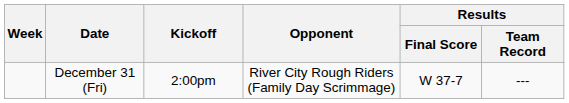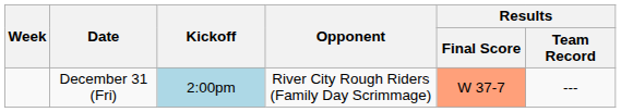 <table class="wikitable">
 <tr>
 <th rowspan="2" width="40">Week</th>
 <th rowspan="2" width="110">Date</th>
 <th rowspan="2" width="110">Kickoff</th>
 <th rowspan="2" width="180">Opponent</th>
 <th colspan="2" width="180">Results</th>
 </tr>
 <tr>
 <th width="90">Final Score</th>
 <th width="90">Team Record</th>
 </tr>
 <tr>
 <td align="center"></td>
 <td align="center">December 31 (Fri)</td>
-<td align="center">2:00pm</td>
+<td align="center" style="background: lightblue;">2:00pm</td>
 <td align="center">River City Rough Riders<br>(Family Day Scrimmage)</td>
-<td align="center">W 37-7</td>
+<td align="center" style="background: lightsalmon;">W 37-7</td>
 <td align="center">---</td>
 </tr>
 </table>
